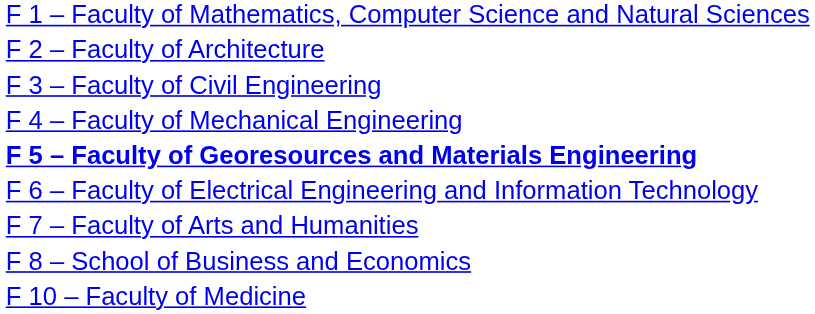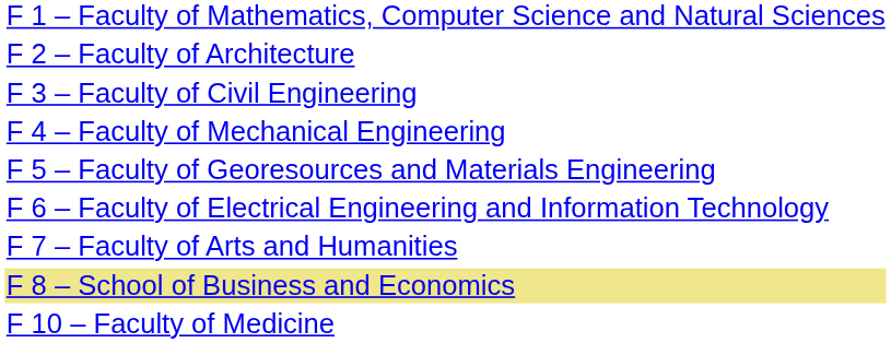 <table>
 <tr>
 <td><a href='#'>F 1 – Faculty of Mathematics, Computer Science and Natural Sciences</a></td>
 </tr>
 <tr>
 <td><a href='#'>F 2 – Faculty of Architecture</a></td>
 </tr>
 <tr>
 <td><a href='#'>F 3 – Faculty of Civil Engineering</a></td>
 </tr>
 <tr>
 <td><a href='#'>F 4 – Faculty of Mechanical Engineering</a></td>
 </tr>
 <tr>
-<td><strong><a href='#'>F 5 – Faculty of Georesources and Materials Engineering</a></strong></td>
+<td><a href='#'>F 5 – Faculty of Georesources and Materials Engineering</a></td>
 </tr>
 <tr>
 <td><a href='#'>F 6 – Faculty of Electrical Engineering and Information Technology</a></td>
 </tr>
 <tr>
 <td><a href='#'>F 7 – Faculty of Arts and Humanities</a></td>
 </tr>
 <tr>
-<td><a href='#'>F 8 – School of Business and Economics</a></td>
+<td style="background: khaki;"><a href='#'>F 8 – School of Business and Economics</a></td>
 </tr>
 <tr>
 <td><a href='#'>F 10 – Faculty of Medicine</a></td>
 </tr>
 </table>
